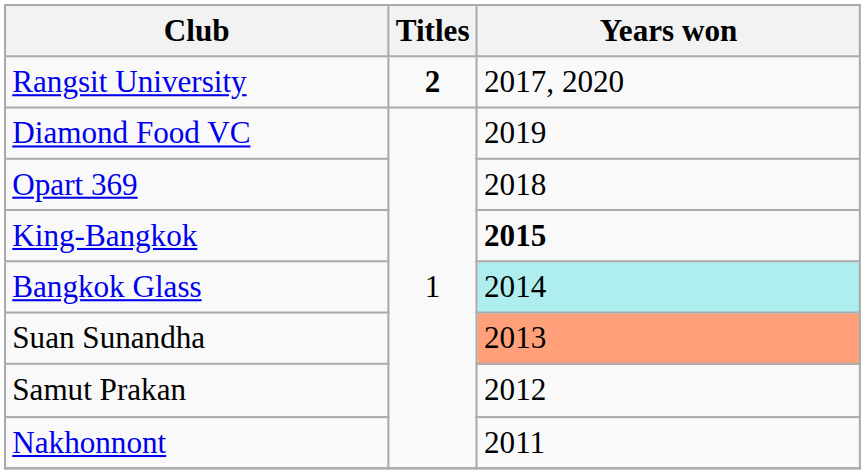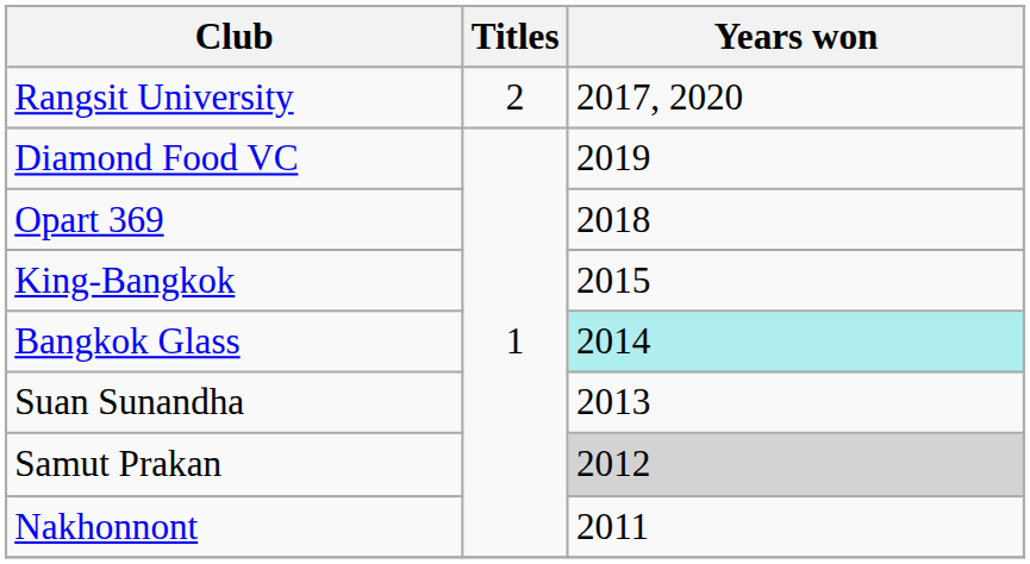 <table class="wikitable sortable" style="font-size: 95%;">
 <tr>
 <th width="180">Club</th>
 <th width="30">Titles</th>
 <th width="180">Years won</th>
 </tr>
 <tr>
 <td><a href='#'>Rangsit University</a></td>
-<td style="text-align:center;"><strong>2</strong></td>
+<td style="text-align:center;">2</td>
 <td>2017, 2020</td>
 </tr>
 <tr>
 <td><a href='#'>Diamond Food VC</a></td>
 <td rowspan=7 style="text-align:center;">1</td>
 <td>2019</td>
 </tr>
 <tr>
 <td><a href='#'>Opart 369</a></td>
 <td>2018</td>
 </tr>
 <tr>
 <td><a href='#'>King-Bangkok</a></td>
-<td><strong>2015</strong></td>
+<td>2015</td>
 </tr>
 <tr>
 <td><a href='#'>Bangkok Glass</a></td>
 <td style="background: paleturquoise;">2014</td>
 </tr>
 <tr>
 <td>Suan Sunandha</td>
-<td style="background: lightsalmon;">2013</td>
+<td>2013</td>
 </tr>
 <tr>
 <td>Samut Prakan</td>
-<td>2012</td>
+<td style="background: lightgrey;">2012</td>
 </tr>
 <tr>
 <td><a href='#'>Nakhonnont</a></td>
 <td>2011</td>
 </tr>
 <tr>
 </tr>
 </table>
